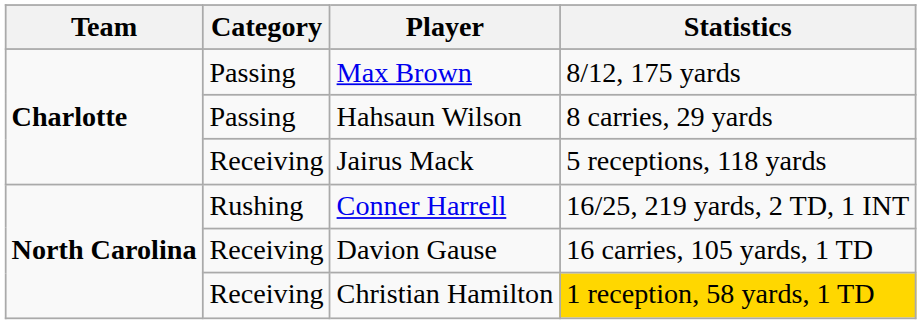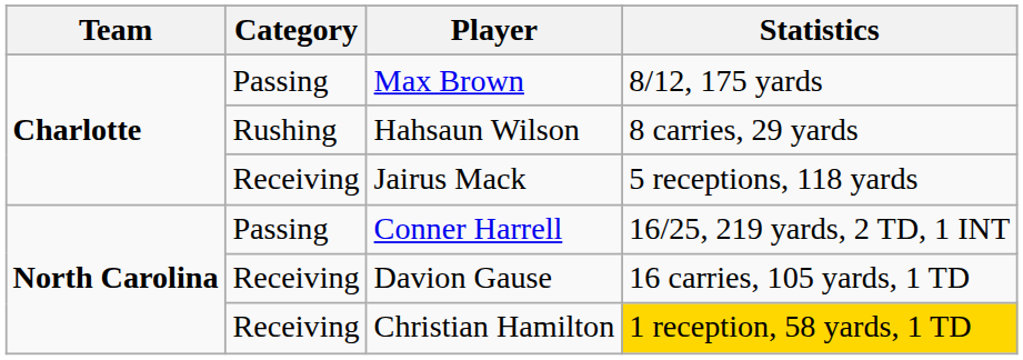 <table class="wikitable" style="float: right;">
 <tr>
 <th>Team</th>
 <th>Category</th>
 <th>Player</th>
 <th>Statistics</th>
 </tr>
 <tr>
 <td rowspan=3><strong>Charlotte</strong></td>
 <td>Passing</td>
 <td><a href='#'>Max Brown</a></td>
 <td>8/12, 175 yards</td>
 </tr>
 <tr>
-<td>Passing</td>
+<td>Rushing</td>
 <td>Hahsaun Wilson</td>
 <td>8 carries, 29 yards</td>
 </tr>
 <tr>
 <td>Receiving</td>
 <td>Jairus Mack</td>
 <td>5 receptions, 118 yards</td>
 </tr>
 <tr>
 <td rowspan=3><strong>North Carolina</strong></td>
-<td>Rushing</td>
+<td>Passing</td>
 <td><a href='#'>Conner Harrell</a></td>
 <td>16/25, 219 yards, 2 TD, 1 INT</td>
 </tr>
 <tr>
 <td>Receiving</td>
 <td>Davion Gause</td>
 <td>16 carries, 105 yards, 1 TD</td>
 </tr>
 <tr>
 <td>Receiving</td>
 <td>Christian Hamilton</td>
 <td style="background: gold;">1 reception, 58 yards, 1 TD</td>
 </tr>
 </table>
